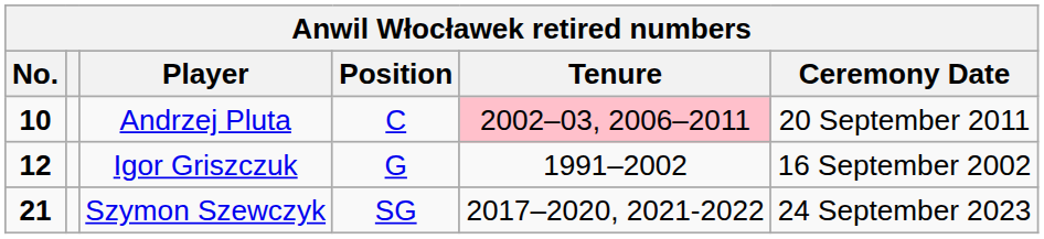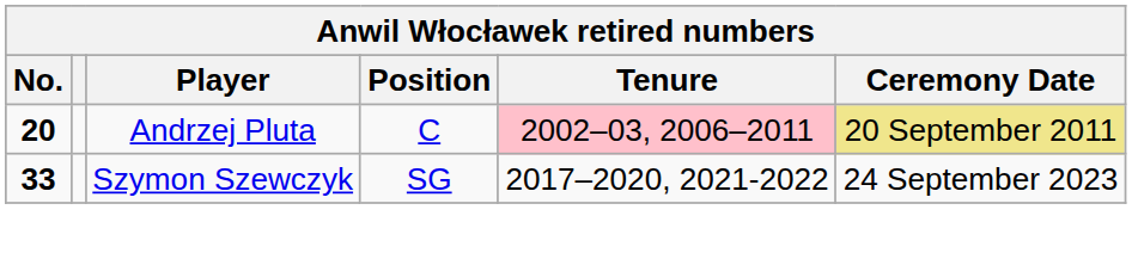 <table class="wikitable sortable" style="text-align:center; font-size:95%;">
 <tr>
 <th colspan="6">Anwil Włocławek retired numbers</th>
 </tr>
 <tr>
 <th>No.</th>
 <th></th>
 <th>Player</th>
 <th>Position</th>
 <th>Tenure</th>
 <th>Ceremony Date</th>
 </tr>
 <tr>
-<td><strong>10</strong></td>
+<td><strong>20</strong></td>
 <td></td>
 <td><a href='#'>Andrzej Pluta</a></td>
 <td><a href='#'>C</a></td>
 <td style="background: pink;">2002–03, 2006–2011</td>
-<td>20 September 2011</td>
+<td style="background: khaki;">20 September 2011</td>
 </tr>
 <tr>
-<td><strong>12</strong></td>
-<td> </td>
-<td><a href='#'>Igor Griszczuk</a></td>
-<td><a href='#'>G</a></td>
-<td>1991–2002</td>
-<td>16 September 2002</td>
-</tr>
-<tr>
-<td><strong>21</strong></td>
+<td><strong>33</strong></td>
 <td></td>
 <td><a href='#'>Szymon Szewczyk</a></td>
 <td><a href='#'>SG</a></td>
 <td>2017–2020, 2021-2022</td>
 <td>24 September 2023</td>
 </tr>
 </table>
